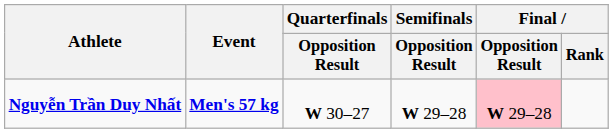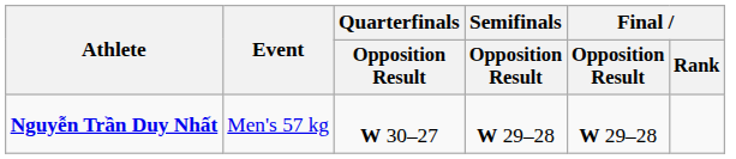 <table class="wikitable" style="font-size:90%;">
 <tr>
 <th rowspan=2>Athlete</th>
 <th rowspan=2>Event</th>
 <th>Quarterfinals</th>
 <th>Semifinals</th>
 <th colspan=2>Final / </th>
 </tr>
 <tr style="font-size:95%">
 <th>Opposition<br>Result</th>
 <th>Opposition<br>Result</th>
 <th>Opposition<br>Result</th>
 <th>Rank</th>
 </tr>
 <tr align=center>
 <td align=left><strong><a href='#'>Nguyễn Trần Duy Nhất</a></strong></td>
-<td align=left><strong><a href='#'>Men's 57 kg</a></strong></td>
+<td align=left><a href='#'>Men's 57 kg</a></td>
 <td><br><strong>W</strong> 30–27</td>
 <td><br><strong>W</strong> 29–28</td>
-<td style="background: pink;"><br><strong>W</strong> 29–28</td>
+<td><br><strong>W</strong> 29–28</td>
 <td></td>
 </tr>
 </table>
